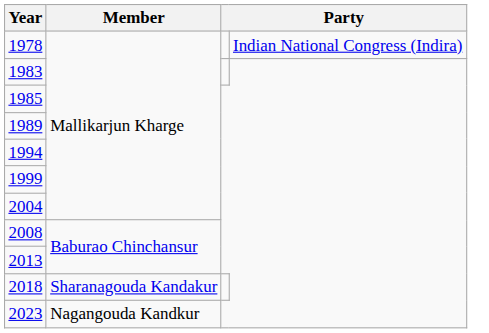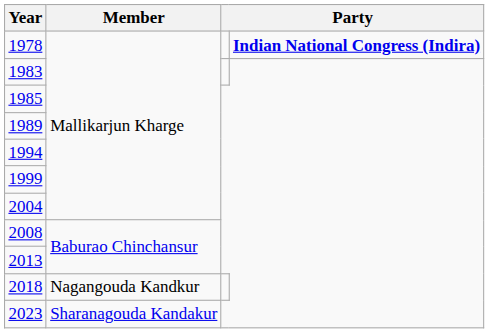 <table class="wikitable sortable">
 <tr>
 <th>Year</th>
 <th>Member</th>
 <th colspan="2">Party</th>
 </tr>
 <tr>
 <td><a href='#'>1978</a></td>
 <td rowspan=7>Mallikarjun Kharge</td>
 <td style="background-color: "></td>
-<td><a href='#'>Indian National Congress (Indira)</a></td>
+<td><strong><a href='#'>Indian National Congress (Indira)</a></strong></td>
 </tr>
 <tr>
 <td><a href='#'>1983</a></td>
 <td></td>
 </tr>
 <tr>
 <td><a href='#'>1985</a></td>
 </tr>
 <tr>
 <td><a href='#'>1989</a></td>
 </tr>
 <tr>
 <td><a href='#'>1994</a></td>
 </tr>
 <tr>
 <td><a href='#'>1999</a></td>
 </tr>
 <tr>
 <td><a href='#'>2004</a></td>
 </tr>
 <tr>
 <td><a href='#'>2008</a></td>
 <td rowspan=2><a href='#'>Baburao Chinchansur</a></td>
 </tr>
 <tr>
 <td><a href='#'>2013</a></td>
 </tr>
 <tr>
 <td><a href='#'>2018</a></td>
-<td><a href='#'>Sharanagouda Kandakur</a></td>
+<td>Nagangouda Kandkur</td>
 <td></td>
 </tr>
 <tr>
 <td><a href='#'>2023</a></td>
-<td>Nagangouda Kandkur</td>
+<td><a href='#'>Sharanagouda Kandakur</a></td>
 </tr>
 </table>
